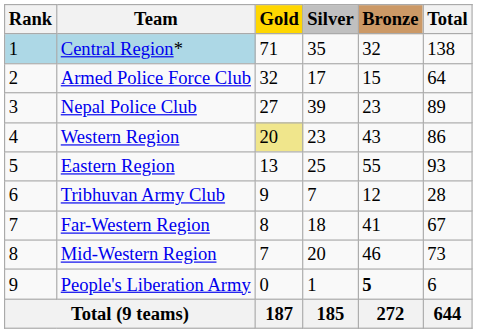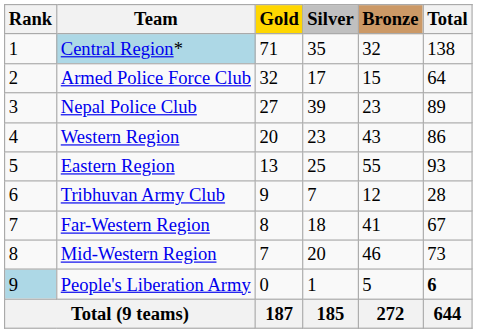 <table class="wikitable sortable">
 <tr>
 <th>Rank</th>
 <th>Team</th>
 <th style="background:gold">Gold</th>
 <th style="background:silver">Silver</th>
 <th style="background:#cc9966">Bronze</th>
 <th>Total</th>
 </tr>
 <tr>
-<td style="background: lightblue;">1</td>
+<td>1</td>
 <td style="background:lightblue"><a href='#'>Central Region</a>*</td>
 <td>71</td>
 <td>35</td>
 <td>32</td>
 <td>138</td>
 </tr>
 <tr>
 <td>2</td>
 <td><a href='#'>Armed Police Force Club</a></td>
 <td>32</td>
 <td>17</td>
 <td>15</td>
 <td>64</td>
 </tr>
 <tr>
 <td>3</td>
 <td><a href='#'>Nepal Police Club</a></td>
 <td>27</td>
 <td>39</td>
 <td>23</td>
 <td>89</td>
 </tr>
 <tr>
 <td>4</td>
 <td><a href='#'>Western Region</a></td>
-<td style="background: khaki;">20</td>
+<td>20</td>
 <td>23</td>
 <td>43</td>
 <td>86</td>
 </tr>
 <tr>
 <td>5</td>
 <td><a href='#'>Eastern Region</a></td>
 <td>13</td>
 <td>25</td>
 <td>55</td>
 <td>93</td>
 </tr>
 <tr>
 <td>6</td>
 <td><a href='#'>Tribhuvan Army Club</a></td>
 <td>9</td>
 <td>7</td>
 <td>12</td>
 <td>28</td>
 </tr>
 <tr>
 <td>7</td>
 <td><a href='#'>Far-Western Region</a></td>
 <td>8</td>
 <td>18</td>
 <td>41</td>
 <td>67</td>
 </tr>
 <tr>
 <td>8</td>
 <td><a href='#'>Mid-Western Region</a></td>
 <td>7</td>
 <td>20</td>
 <td>46</td>
 <td>73</td>
 </tr>
 <tr>
-<td>9</td>
+<td style="background: lightblue;">9</td>
 <td><a href='#'>People's Liberation Army</a></td>
 <td>0</td>
 <td>1</td>
-<td><strong>5</strong></td>
-<td>6</td>
+<td>5</td>
+<td><strong>6</strong></td>
 </tr>
 <tr>
 <th colspan="2">Total (9 teams)</th>
 <th>187</th>
 <th>185</th>
 <th>272</th>
 <th>644</th>
 </tr>
 </table>
